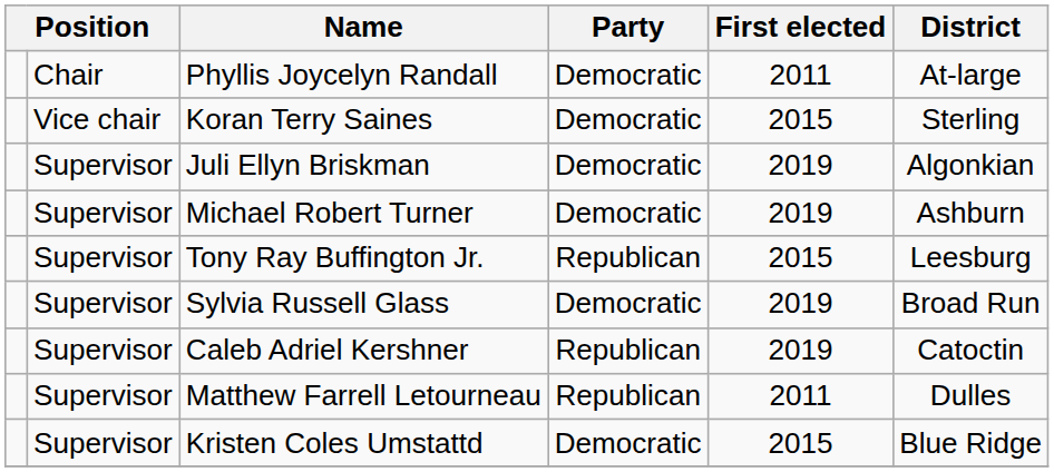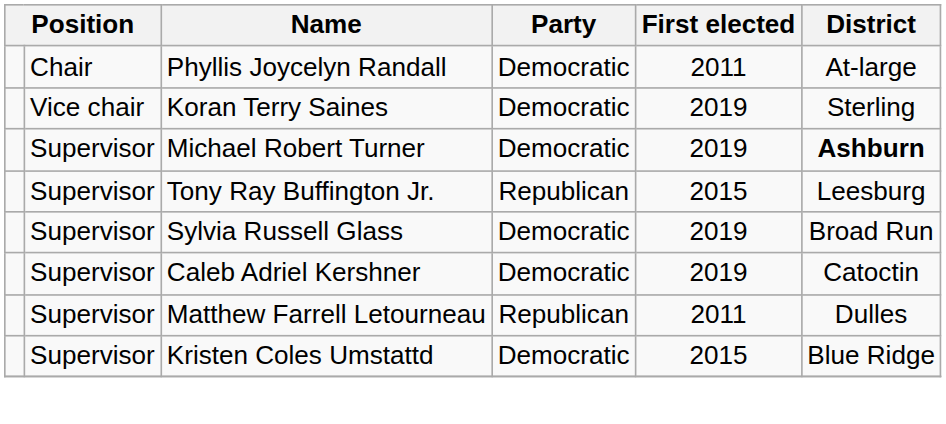 <table class=wikitable>
 <tr>
 <th colspan=2 align=center valign=bottom>Position</th>
 <th style="text-align:center;">Name</th>
 <th valign=bottom>Party</th>
 <th valign=bottom align=center>First elected</th>
 <th valign=bottom align=center>District</th>
 </tr>
 <tr>
 <td style="background-color:"> </td>
 <td>Chair</td>
 <td>Phyllis Joycelyn Randall</td>
 <td style="text-align:center;">Democratic</td>
 <td style="text-align:center;">2011</td>
 <td style="text-align:center;">At-large</td>
 </tr>
 <tr>
 <td style="background-color:"> </td>
 <td>Vice chair</td>
 <td>Koran Terry Saines</td>
 <td style="text-align:center;">Democratic</td>
-<td style="text-align:center;">2015</td>
+<td style="text-align:center;">2019</td>
 <td style="text-align:center;">Sterling</td>
-</tr>
-<tr>
-<td style="background-color:"> </td>
-<td>Supervisor</td>
-<td>Juli Ellyn Briskman</td>
-<td style="text-align:center;">Democratic</td>
-<td style="text-align:center;">2019</td>
-<td style="text-align:center;">Algonkian</td>
 </tr>
 <tr>
 <td style="background-color:"> </td>
 <td>Supervisor</td>
 <td>Michael Robert Turner</td>
 <td style="text-align:center;">Democratic</td>
 <td style="text-align:center;">2019</td>
-<td style="text-align:center;">Ashburn</td>
+<td style="text-align:center;"><strong>Ashburn</strong></td>
 </tr>
 <tr>
 <td style="background-color:"> </td>
 <td>Supervisor</td>
 <td>Tony Ray Buffington Jr.</td>
 <td style="text-align:center;">Republican</td>
 <td style="text-align:center;">2015</td>
 <td style="text-align:center;">Leesburg</td>
 </tr>
 <tr>
 <td style="background-color:"> </td>
 <td>Supervisor</td>
 <td>Sylvia Russell Glass</td>
 <td style="text-align:center;">Democratic</td>
 <td style="text-align:center;">2019</td>
 <td style="text-align:center;">Broad Run</td>
 </tr>
 <tr>
 <td style="background-color:"> </td>
 <td>Supervisor</td>
 <td>Caleb Adriel Kershner</td>
-<td style="text-align:center;">Republican</td>
+<td style="text-align:center;">Democratic</td>
 <td style="text-align:center;">2019</td>
 <td style="text-align:center;">Catoctin</td>
 </tr>
 <tr>
 <td style="background-color:"> </td>
 <td>Supervisor</td>
 <td>Matthew Farrell Letourneau</td>
 <td style="text-align:center;">Republican</td>
 <td style="text-align:center;">2011</td>
 <td style="text-align:center;">Dulles</td>
 </tr>
 <tr>
 <td style="background-color:"> </td>
 <td>Supervisor</td>
 <td>Kristen Coles Umstattd</td>
 <td style="text-align:center;">Democratic</td>
 <td style="text-align:center;">2015</td>
 <td style="text-align:center;">Blue Ridge</td>
 </tr>
 <tr>
 </tr>
 </table>
